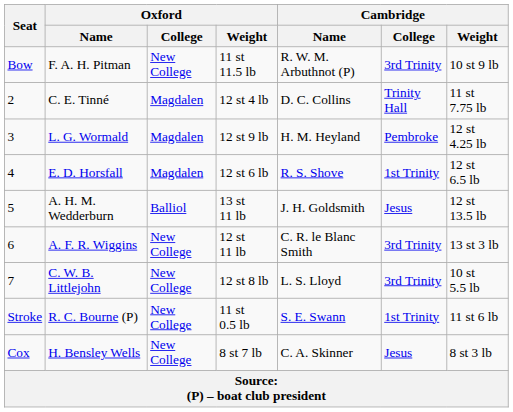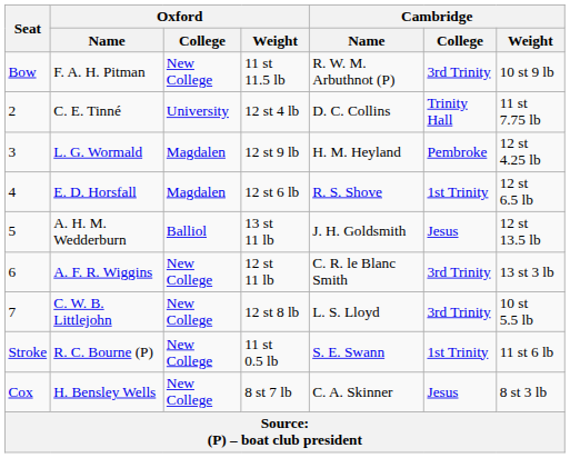 <table class="wikitable">
 <tr>
 <th rowspan="2" scope="col">Seat</th>
 <th colspan="3" scope="col">Oxford <br> </th>
 <th colspan="3" scope="col">Cambridge <br> </th>
 </tr>
 <tr>
 <th>Name</th>
 <th>College</th>
 <th>Weight</th>
 <th>Name</th>
 <th>College</th>
 <th>Weight</th>
 </tr>
 <tr>
 <td><a href='#'>Bow</a></td>
 <td>F. A. H. Pitman</td>
 <td><a href='#'>New College</a></td>
 <td>11 st 11.5 lb</td>
 <td>R. W. M. Arbuthnot (P)</td>
 <td><a href='#'>3rd Trinity</a></td>
 <td>10 st 9 lb</td>
 </tr>
 <tr>
 <td>2</td>
 <td>C. E. Tinné</td>
-<td><a href='#'>Magdalen</a></td>
+<td><a href='#'>University</a></td>
 <td>12 st 4 lb</td>
 <td>D. C. Collins</td>
 <td><a href='#'>Trinity Hall</a></td>
 <td>11 st 7.75 lb</td>
 </tr>
 <tr>
 <td>3</td>
 <td><a href='#'>L. G. Wormald</a></td>
 <td><a href='#'>Magdalen</a></td>
 <td>12 st 9 lb</td>
 <td>H. M. Heyland</td>
 <td><a href='#'>Pembroke</a></td>
 <td>12 st 4.25 lb</td>
 </tr>
 <tr>
 <td>4</td>
 <td><a href='#'>E. D. Horsfall</a></td>
 <td><a href='#'>Magdalen</a></td>
 <td>12 st 6 lb</td>
 <td><a href='#'>R. S. Shove</a></td>
 <td><a href='#'>1st Trinity</a></td>
 <td>12 st 6.5 lb</td>
 </tr>
 <tr>
 <td>5</td>
 <td>A. H. M. Wedderburn</td>
 <td><a href='#'>Balliol</a></td>
 <td>13 st 11 lb</td>
 <td>J. H. Goldsmith</td>
 <td><a href='#'>Jesus</a></td>
 <td>12 st 13.5 lb</td>
 </tr>
 <tr>
 <td>6</td>
 <td><a href='#'>A. F. R. Wiggins</a></td>
 <td><a href='#'>New College</a></td>
 <td>12 st 11 lb</td>
 <td>C. R. le Blanc Smith</td>
 <td><a href='#'>3rd Trinity</a></td>
 <td>13 st 3 lb</td>
 </tr>
 <tr>
 <td>7</td>
 <td><a href='#'>C. W. B. Littlejohn</a></td>
 <td><a href='#'>New College</a></td>
 <td>12 st 8 lb</td>
 <td>L. S. Lloyd</td>
 <td><a href='#'>3rd Trinity</a></td>
 <td>10 st 5.5 lb</td>
 </tr>
 <tr>
 <td><a href='#'>Stroke</a></td>
 <td><a href='#'>R. C. Bourne</a> (P)</td>
 <td><a href='#'>New College</a></td>
 <td>11 st 0.5 lb</td>
 <td><a href='#'>S. E. Swann</a></td>
 <td><a href='#'>1st Trinity</a></td>
 <td>11 st 6 lb</td>
 </tr>
 <tr>
 <td><a href='#'>Cox</a></td>
 <td><a href='#'>H. Bensley Wells</a></td>
 <td><a href='#'>New College</a></td>
 <td>8 st 7 lb</td>
 <td>C. A. Skinner</td>
 <td><a href='#'>Jesus</a></td>
 <td>8 st 3 lb</td>
 </tr>
 <tr>
 <th colspan="7">Source:<br>(P) – boat club president</th>
 </tr>
 </table>
